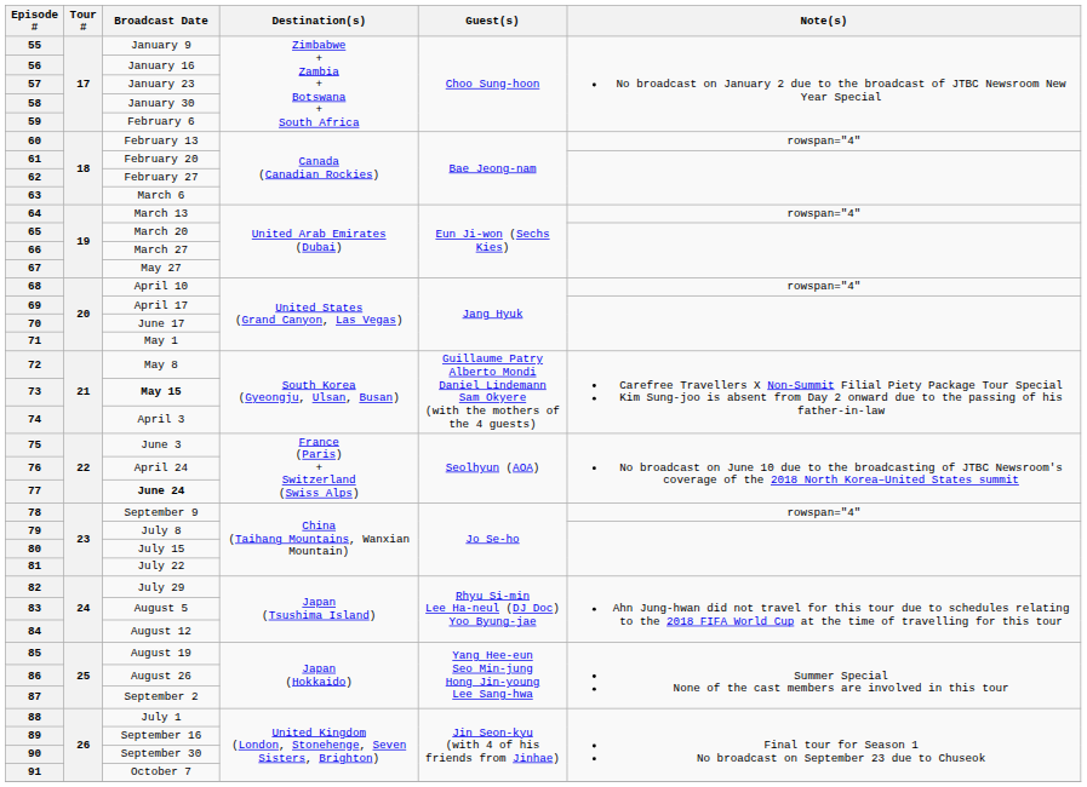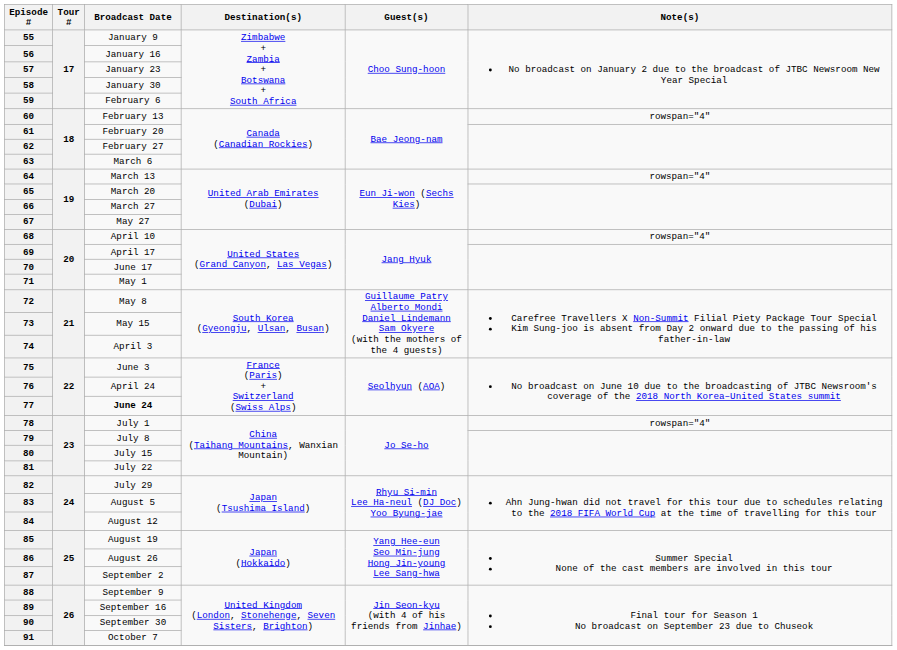 <table class="wikitable">
 <tr>
 <th>Episode #</th>
 <th>Tour #</th>
 <th width=130>Broadcast Date</th>
 <th>Destination(s)</th>
 <th>Guest(s)</th>
 <th>Note(s)</th>
 </tr>
 <tr style="text-align:center;">
 <th>55</th>
 <th rowspan="5">17</th>
 <td>January 9</td>
 <td rowspan="5"><a href='#'>Zimbabwe</a><br>+<br><a href='#'>Zambia</a><br>+<br><a href='#'>Botswana</a><br>+<br><a href='#'>South Africa</a></td>
 <td rowspan="5"><a href='#'>Choo Sung-hoon</a></td>
 <td rowspan="5"><br><ul><li>No broadcast on January 2 due to the broadcast of JTBC Newsroom New Year Special</li></ul></td>
 </tr>
 <tr style="text-align:center;">
 <th>56</th>
 <td>January 16</td>
 </tr>
 <tr style="text-align:center;">
 <th>57</th>
 <td>January 23</td>
 </tr>
 <tr style="text-align:center;">
 <th>58</th>
 <td>January 30</td>
 </tr>
 <tr style="text-align:center;">
 <th>59</th>
 <td>February 6</td>
 </tr>
 <tr style="text-align:center;">
 <th>60</th>
 <th rowspan="4">18</th>
 <td>February 13</td>
 <td rowspan="4"><a href='#'>Canada</a><br>(<a href='#'>Canadian Rockies</a>)</td>
 <td rowspan="4"><a href='#'>Bae Jeong-nam</a></td>
 <td>rowspan="4" </td>
 </tr>
 <tr style="text-align:center;">
 <th>61</th>
 <td>February 20</td>
 </tr>
 <tr style="text-align:center;">
 <th>62</th>
 <td>February 27</td>
 </tr>
 <tr style="text-align:center;">
 <th>63</th>
 <td>March 6</td>
 </tr>
 <tr style="text-align:center;">
 <th>64</th>
 <th rowspan="4">19</th>
 <td>March 13</td>
 <td rowspan="4"><a href='#'>United Arab Emirates</a><br>(<a href='#'>Dubai</a>)</td>
 <td rowspan="4"><a href='#'>Eun Ji-won</a> (<a href='#'>Sechs Kies</a>)</td>
 <td>rowspan="4" </td>
 </tr>
 <tr style="text-align:center;">
 <th>65</th>
 <td>March 20</td>
 </tr>
 <tr style="text-align:center;">
 <th>66</th>
 <td>March 27</td>
 </tr>
 <tr style="text-align:center;">
 <th>67</th>
 <td>May 27</td>
 </tr>
 <tr style="text-align:center;">
 <th>68</th>
 <th rowspan="4">20</th>
 <td>April 10</td>
 <td rowspan="4"><a href='#'>United States</a><br>(<a href='#'>Grand Canyon</a>, <a href='#'>Las Vegas</a>)</td>
 <td rowspan="4"><a href='#'>Jang Hyuk</a></td>
 <td>rowspan="4" </td>
 </tr>
 <tr style="text-align:center;">
 <th>69</th>
 <td>April 17</td>
 </tr>
 <tr style="text-align:center;">
 <th>70</th>
 <td>June 17</td>
 </tr>
 <tr style="text-align:center;">
 <th>71</th>
 <td>May 1</td>
 </tr>
 <tr style="text-align:center;">
 <th>72</th>
 <th rowspan="3">21</th>
 <td>May 8</td>
 <td rowspan="3"><a href='#'>South Korea</a><br>(<a href='#'>Gyeongju</a>, <a href='#'>Ulsan</a>, <a href='#'>Busan</a>)</td>
 <td rowspan="3"><a href='#'>Guillaume Patry</a><br><a href='#'>Alberto Mondi</a><br><a href='#'>Daniel Lindemann</a><br><a href='#'>Sam Okyere</a><br>(with the mothers of the 4 guests)</td>
 <td rowspan='3'><br><ul><li>Carefree Travellers X <a href='#'>Non-Summit</a> Filial Piety Package Tour Special</li><li>Kim Sung-joo is absent from Day 2 onward due to the passing of his father-in-law</li></ul></td>
 </tr>
 <tr style="text-align:center;">
 <th>73</th>
-<td><strong>May 15</strong></td>
+<td>May 15</td>
 </tr>
 <tr style="text-align:center;">
 <th>74</th>
 <td>April 3</td>
 </tr>
 <tr style="text-align:center;">
 <th>75</th>
 <th rowspan="3">22</th>
 <td>June 3</td>
 <td rowspan="3"><a href='#'>France</a><br>(<a href='#'>Paris</a>)<br>+<br><a href='#'>Switzerland</a><br>(<a href='#'>Swiss Alps</a>)</td>
 <td rowspan="3"><a href='#'>Seolhyun</a> (<a href='#'>AOA</a>)</td>
 <td rowspan="3"><br><ul><li>No broadcast on June 10 due to the broadcasting of JTBC Newsroom's coverage of the <a href='#'>2018 North Korea–United States summit</a></li></ul></td>
 </tr>
 <tr style="text-align:center;">
 <th>76</th>
 <td>April 24</td>
 </tr>
 <tr style="text-align:center;">
 <th>77</th>
 <td><strong>June 24</strong></td>
 </tr>
 <tr style="text-align:center;">
 <th>78</th>
 <th rowspan="4">23</th>
-<td>September 9</td>
+<td>July 1</td>
 <td rowspan="4"><a href='#'>China</a><br>(<a href='#'>Taihang Mountains</a>, Wanxian Mountain)</td>
 <td rowspan="4"><a href='#'>Jo Se-ho</a></td>
 <td>rowspan="4" </td>
 </tr>
 <tr style="text-align:center;">
 <th>79</th>
 <td>July 8</td>
 </tr>
 <tr style="text-align:center;">
 <th>80</th>
 <td>July 15</td>
 </tr>
 <tr style="text-align:center;">
 <th>81</th>
 <td>July 22</td>
 </tr>
 <tr style="text-align:center;">
 <th>82</th>
 <th rowspan="3">24</th>
 <td>July 29</td>
 <td rowspan="3"><a href='#'>Japan</a><br>(<a href='#'>Tsushima Island</a>)</td>
 <td rowspan="3"><a href='#'>Rhyu Si-min</a><br><a href='#'>Lee Ha-neul</a> (<a href='#'>DJ Doc</a>)<br><a href='#'>Yoo Byung-jae</a></td>
 <td rowspan="3"><br><ul><li>Ahn Jung-hwan did not travel for this tour due to schedules relating to the <a href='#'>2018 FIFA World Cup</a> at the time of travelling for this tour</li></ul></td>
 </tr>
 <tr style="text-align:center;">
 <th>83</th>
 <td>August 5</td>
 </tr>
 <tr style="text-align:center;">
 <th>84</th>
 <td>August 12</td>
 </tr>
 <tr style="text-align:center;">
 <th>85</th>
 <th rowspan="3">25</th>
 <td>August 19</td>
 <td rowspan="3"><a href='#'>Japan</a><br>(<a href='#'>Hokkaido</a>)</td>
 <td rowspan="3"><a href='#'>Yang Hee-eun</a><br><a href='#'>Seo Min-jung</a><br><a href='#'>Hong Jin-young</a><br><a href='#'>Lee Sang-hwa</a></td>
 <td rowspan="3"><br><ul><li>Summer Special</li><li>None of the cast members are involved in this tour</li></ul></td>
 </tr>
 <tr style="text-align:center;">
 <th>86</th>
 <td>August 26</td>
 </tr>
 <tr style="text-align:center;">
 <th>87</th>
 <td>September 2</td>
 </tr>
 <tr style="text-align:center;">
 <th>88</th>
 <th rowspan="4">26</th>
-<td>July 1</td>
+<td>September 9</td>
 <td rowspan="4"><a href='#'>United Kingdom</a><br>(<a href='#'>London</a>, <a href='#'>Stonehenge</a>, <a href='#'>Seven Sisters</a>, <a href='#'>Brighton</a>)</td>
 <td rowspan="4"><a href='#'>Jin Seon-kyu</a><br>(with 4 of his friends from <a href='#'>Jinhae</a>)</td>
 <td rowspan="4"><br><ul><li>Final tour for Season 1</li><li>No broadcast on September 23 due to Chuseok</li></ul></td>
 </tr>
 <tr style="text-align:center;">
 <th>89</th>
 <td>September 16</td>
 </tr>
 <tr style="text-align:center;">
 <th>90</th>
 <td>September 30</td>
 </tr>
 <tr style="text-align:center;">
 <th>91</th>
 <td>October 7</td>
 </tr>
 <tr style="text-align:center;">
 </tr>
 </table>
